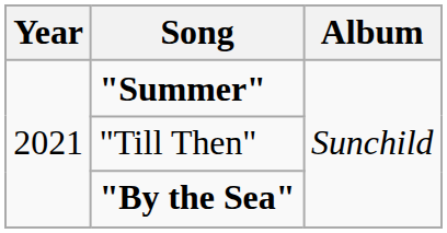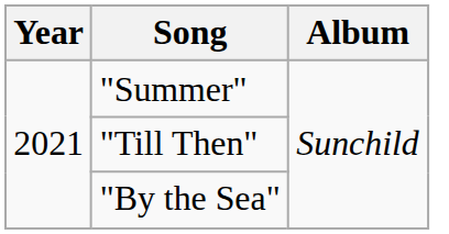 <table class="wikitable">
 <tr>
 <th>Year</th>
 <th>Song</th>
 <th>Album</th>
 </tr>
 <tr>
 <td rowspan="3">2021</td>
-<td><strong>"Summer"</strong></td>
+<td>"Summer"</td>
 <td rowspan="3"><em>Sunchild</em></td>
 </tr>
 <tr>
 <td>"Till Then"</td>
 </tr>
 <tr>
-<td><strong>"By the Sea"</strong></td>
+<td>"By the Sea"</td>
 </tr>
 </table>
